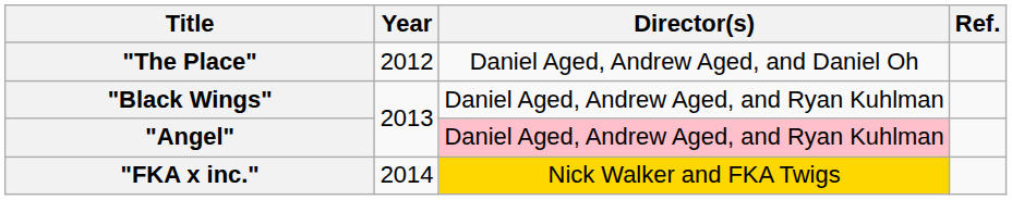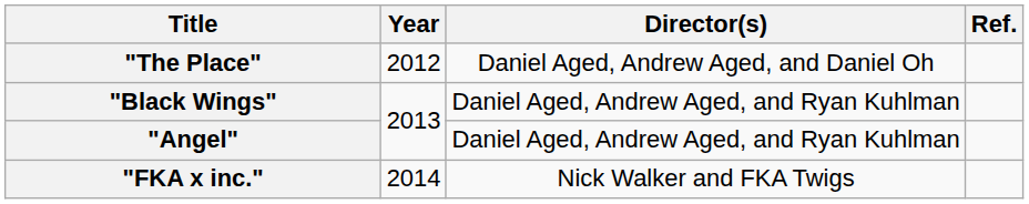 <table class="wikitable plainrowheaders" style="text-align:center;">
 <tr>
 <th scope="col" style="width:15em;">Title</th>
 <th scope="col">Year</th>
 <th scope="col">Director(s)</th>
 <th scope="col">Ref.</th>
 </tr>
 <tr>
 <th scope="row">"The Place"</th>
 <td>2012</td>
 <td>Daniel Aged, Andrew Aged, and Daniel Oh</td>
 <td></td>
 </tr>
 <tr>
 <th scope="row">"Black Wings"</th>
 <td rowspan="2">2013</td>
 <td>Daniel Aged, Andrew Aged, and Ryan Kuhlman</td>
 <td></td>
 </tr>
 <tr>
 <th scope="row">"Angel"</th>
-<td style="background: pink;">Daniel Aged, Andrew Aged, and Ryan Kuhlman</td>
+<td>Daniel Aged, Andrew Aged, and Ryan Kuhlman</td>
 <td></td>
 </tr>
 <tr>
 <th scope="row">"FKA x inc."</th>
 <td>2014</td>
-<td style="background: gold;">Nick Walker and FKA Twigs</td>
+<td>Nick Walker and FKA Twigs</td>
 <td></td>
 </tr>
 </table>
